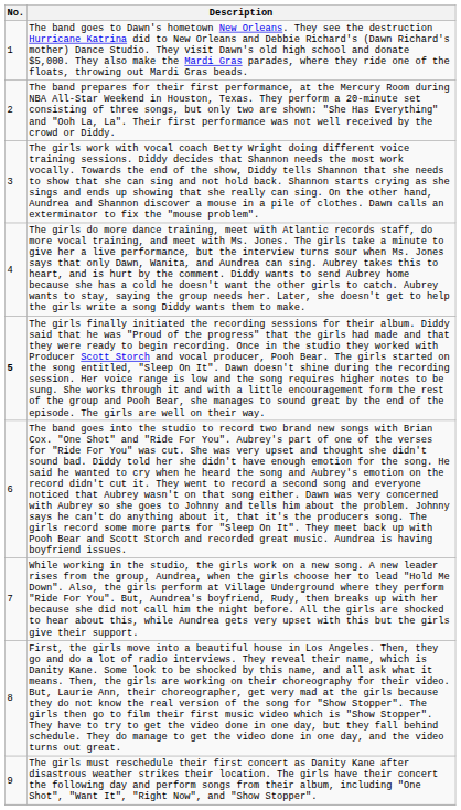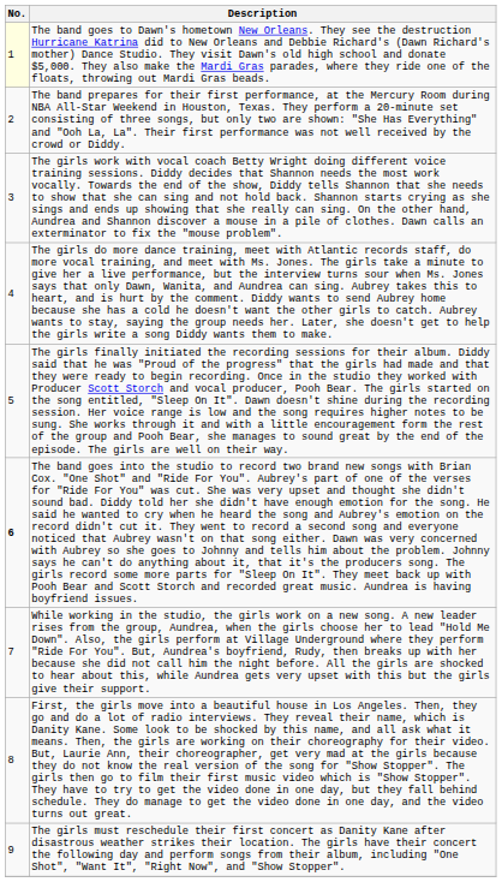 <table class="wikitable">
 <tr>
 <th>No.</th>
 <th>Description</th>
 </tr>
 <tr>
-<td>1</td>
+<td style="background: lightyellow;">1</td>
 <td>The band goes to Dawn's hometown <a href='#'>New Orleans</a>. They see the destruction <a href='#'>Hurricane Katrina</a> did to New Orleans and Debbie Richard's (Dawn Richard's mother) Dance Studio. They visit Dawn's old high school and donate $5,000. They also make the <a href='#'>Mardi Gras</a> parades, where they ride one of the floats, throwing out Mardi Gras beads.</td>
 </tr>
 <tr>
 <td>2</td>
 <td>The band prepares for their first performance, at the Mercury Room during NBA All-Star Weekend in Houston, Texas. They perform a 20-minute set consisting of three songs, but only two are shown: "She Has Everything" and "Ooh La, La". Their first performance was not well received by the crowd or Diddy.</td>
 </tr>
 <tr>
 <td>3</td>
 <td>The girls work with vocal coach Betty Wright doing different voice training sessions. Diddy decides that Shannon needs the most work vocally. Towards the end of the show, Diddy tells Shannon that she needs to show that she can sing and not hold back. Shannon starts crying as she sings and ends up showing that she really can sing. On the other hand, Aundrea and Shannon discover a mouse in a pile of clothes. Dawn calls an exterminator to fix the "mouse problem".</td>
 </tr>
 <tr>
 <td>4</td>
 <td>The girls do more dance training, meet with Atlantic records staff, do more vocal training, and meet with Ms. Jones. The girls take a minute to give her a live performance, but the interview turns sour when Ms. Jones says that only Dawn, Wanita, and Aundrea can sing. Aubrey takes this to heart, and is hurt by the comment. Diddy wants to send Aubrey home because she has a cold he doesn't want the other girls to catch. Aubrey wants to stay, saying the group needs her. Later, she doesn't get to help the girls write a song Diddy wants them to make.</td>
 </tr>
 <tr>
-<td><strong>5</strong></td>
+<td>5</td>
 <td>The girls finally initiated the recording sessions for their album. Diddy said that he was "Proud of the progress" that the girls had made and that they were ready to begin recording. Once in the studio they worked with Producer <a href='#'>Scott Storch</a> and vocal producer, Pooh Bear. The girls started on the song entitled, "Sleep On It". Dawn doesn't shine during the recording session. Her voice range is low and the song requires higher notes to be sung. She works through it and with a little encouragement form the rest of the group and Pooh Bear, she manages to sound great by the end of the episode. The girls are well on their way.</td>
 </tr>
 <tr>
-<td>6</td>
+<td><strong>6</strong></td>
 <td>The band goes into the studio to record two brand new songs with Brian Cox. "One Shot" and "Ride For You". Aubrey's part of one of the verses for "Ride For You" was cut. She was very upset and thought she didn't sound bad. Diddy told her she didn't have enough emotion for the song. He said he wanted to cry when he heard the song and Aubrey's emotion on the record didn't cut it. They went to record a second song and everyone noticed that Aubrey wasn't on that song either. Dawn was very concerned with Aubrey so she goes to Johnny and tells him about the problem. Johnny says he can't do anything about it, that it's the producers song. The girls record some more parts for "Sleep On It". They meet back up with Pooh Bear and Scott Storch and recorded great music. Aundrea is having boyfriend issues.</td>
 </tr>
 <tr>
 <td>7</td>
 <td>While working in the studio, the girls work on a new song. A new leader rises from the group, Aundrea, when the girls choose her to lead "Hold Me Down". Also, the girls perform at Village Underground where they perform "Ride For You". But, Aundrea's boyfriend, Rudy, then breaks up with her because she did not call him the night before. All the girls are shocked to hear about this, while Aundrea gets very upset with this but the girls give their support.</td>
 </tr>
 <tr>
 <td>8</td>
 <td>First, the girls move into a beautiful house in Los Angeles. Then, they go and do a lot of radio interviews. They reveal their name, which is Danity Kane. Some look to be shocked by this name, and all ask what it means. Then, the girls are working on their choreography for their video. But, Laurie Ann, their choreographer, get very mad at the girls because they do not know the real version of the song for "Show Stopper". The girls then go to film their first music video which is "Show Stopper". They have to try to get the video done in one day, but they fall behind schedule. They do manage to get the video done in one day, and the video turns out great.</td>
 </tr>
 <tr>
 <td>9</td>
 <td>The girls must reschedule their first concert as Danity Kane after disastrous weather strikes their location. The girls have their concert the following day and perform songs from their album, including "One Shot", "Want It", "Right Now", and "Show Stopper".</td>
 </tr>
 <tr>
 </tr>
 </table>
